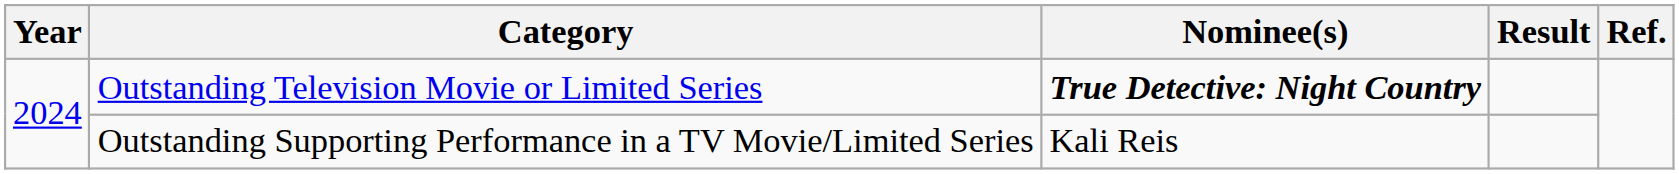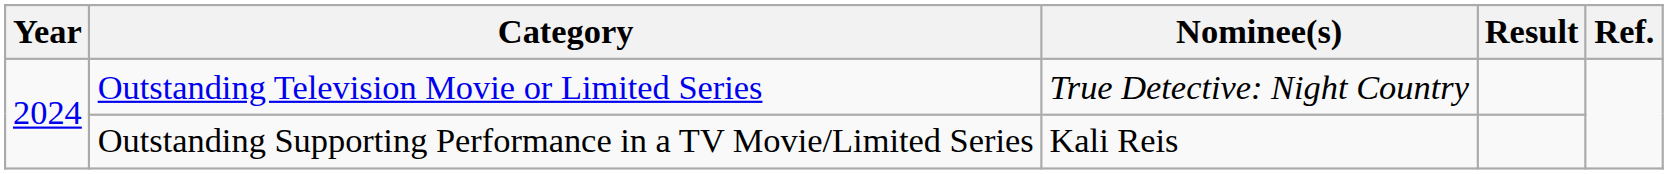 <table class="wikitable plainrowheaders">
 <tr>
 <th>Year</th>
 <th>Category</th>
 <th>Nominee(s)</th>
 <th>Result</th>
 <th>Ref.</th>
 </tr>
 <tr>
 <td rowspan="2"><a href='#'>2024</a></td>
 <td><a href='#'>Outstanding Television Movie or Limited Series</a></td>
-<td><strong><em>True Detective: Night Country</em></strong></td>
+<td><em>True Detective: Night Country</em></td>
 <td></td>
 <td rowspan="2" align=center></td>
 </tr>
 <tr>
 <td>Outstanding Supporting Performance in a TV Movie/Limited Series</td>
 <td>Kali Reis</td>
 <td></td>
 </tr>
 </table>
